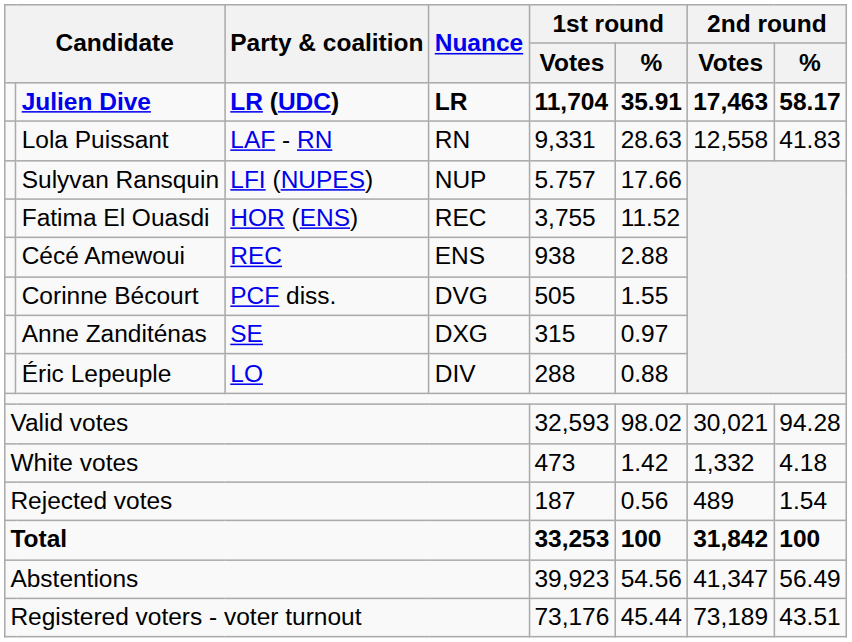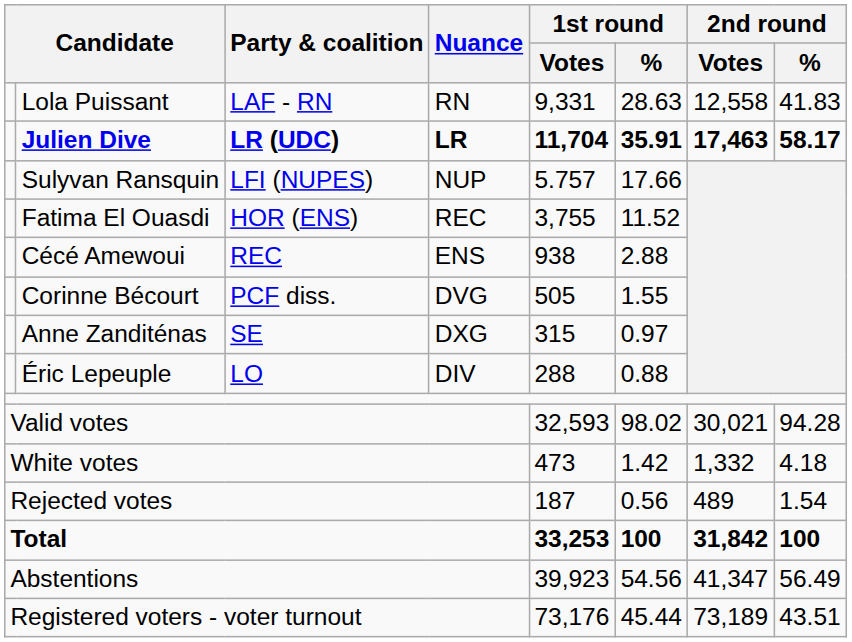 <table class="wikitable">
 <tr>
 <th colspan="2" rowspan="2">Candidate</th>
 <th rowspan="2">Party & coalition</th>
 <th rowspan="2"><a href='#'>Nuance</a></th>
 <th colspan="2">1st round</th>
 <th colspan="2">2nd round</th>
 </tr>
 <tr>
 <th>Votes</th>
 <th>%</th>
 <th>Votes</th>
 <th>%</th>
 </tr>
 <tr>
 <td style="background:"></td>
+<td>Lola Puissant</td>
+<td><a href='#'>LAF</a> - <a href='#'>RN</a></td>
+<td>RN</td>
+<td>9,331</td>
+<td>28.63</td>
+<td>12,558</td>
+<td>41.83</td>
+</tr>
+<tr>
+<td style="background:"></td>
 <td><strong><a href='#'>Julien Dive</a></strong></td>
 <td><strong><a href='#'>LR</a> (<a href='#'>UDC</a>)</strong></td>
 <td><strong>LR</strong></td>
 <td><strong>11,704</strong></td>
 <td><strong>35.91</strong></td>
 <td><strong>17,463</strong></td>
 <td><strong>58.17</strong></td>
-</tr>
-<tr>
-<td style="background:"></td>
-<td>Lola Puissant</td>
-<td><a href='#'>LAF</a> - <a href='#'>RN</a></td>
-<td>RN</td>
-<td>9,331</td>
-<td>28.63</td>
-<td>12,558</td>
-<td>41.83</td>
 </tr>
 <tr>
 <td style="background:"></td>
 <td>Sulyvan Ransquin</td>
 <td><a href='#'>LFI</a> (<a href='#'>NUPES</a>)</td>
 <td>NUP</td>
 <td>5.757</td>
 <td>17.66</td>
 <th colspan="2" rowspan="6"></th>
 </tr>
 <tr>
 <td style="background:"></td>
 <td>Fatima El Ouasdi</td>
 <td><a href='#'>HOR</a> (<a href='#'>ENS</a>)</td>
 <td>REC</td>
 <td>3,755</td>
 <td>11.52</td>
 </tr>
 <tr>
 <td style="background:"></td>
 <td>Cécé Amewoui</td>
 <td><a href='#'>REC</a></td>
 <td>ENS</td>
 <td>938</td>
 <td>2.88</td>
 </tr>
 <tr>
 <td style="background:"></td>
 <td>Corinne Bécourt</td>
 <td><a href='#'>PCF</a> <abbr>diss.</abbr></td>
 <td>DVG</td>
 <td>505</td>
 <td>1.55</td>
 </tr>
 <tr>
 <td style="background:"></td>
 <td>Anne Zanditénas</td>
 <td><a href='#'>SE</a></td>
 <td>DXG</td>
 <td>315</td>
 <td>0.97</td>
 </tr>
 <tr>
 <td style="background:"></td>
 <td>Éric Lepeuple</td>
 <td><a href='#'>LO</a></td>
 <td>DIV</td>
 <td>288</td>
 <td>0.88</td>
 </tr>
 <tr>
 <td colspan="8"></td>
 </tr>
 <tr>
 <td colspan="4">Valid votes</td>
 <td>32,593</td>
 <td>98.02</td>
 <td>30,021</td>
 <td>94.28</td>
 </tr>
 <tr>
 <td colspan="4">White votes</td>
 <td>473</td>
 <td>1.42</td>
 <td>1,332</td>
 <td>4.18</td>
 </tr>
 <tr>
 <td colspan="4">Rejected votes</td>
 <td>187</td>
 <td>0.56</td>
 <td>489</td>
 <td>1.54</td>
 </tr>
 <tr>
 <td colspan="4"><strong>Total</strong></td>
 <td><strong>33,253</strong></td>
 <td><strong>100</strong></td>
 <td><strong>31,842</strong></td>
 <td><strong>100</strong></td>
 </tr>
 <tr>
 <td colspan="4">Abstentions</td>
 <td>39,923</td>
 <td>54.56</td>
 <td>41,347</td>
 <td>56.49</td>
 </tr>
 <tr>
 <td colspan="4">Registered voters - voter turnout</td>
 <td>73,176</td>
 <td>45.44</td>
 <td>73,189</td>
 <td>43.51</td>
 </tr>
 </table>
